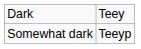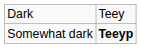 <table class="wikitable">
 <tr>
 <td>Dark</td>
 <td>Teey</td>
 </tr>
 <tr>
 <td>Somewhat dark</td>
-<td>Teeyp</td>
+<td><strong>Teeyp</strong></td>
 </tr>
 </table>
